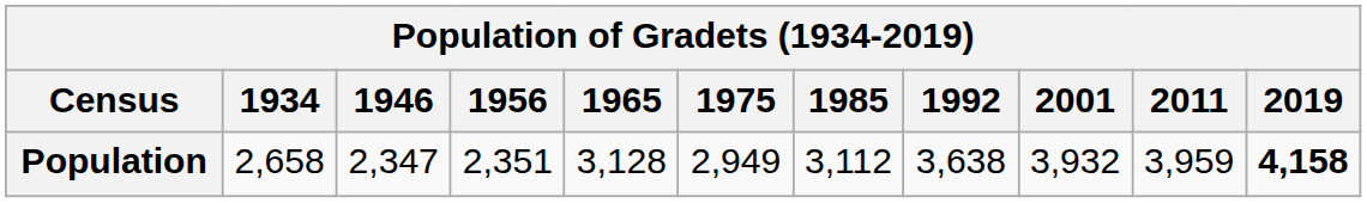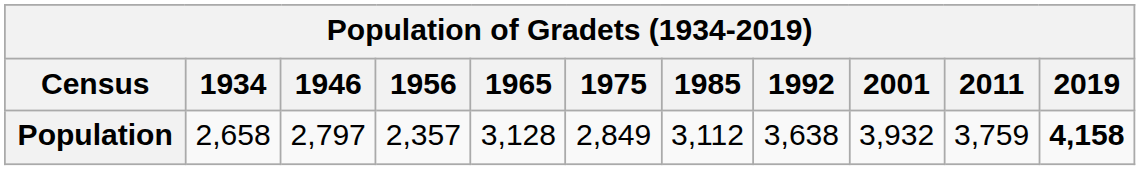 <table width="50%" class="wikitable" style="text-align:center;font-size:105%;line-height:130%">
 <tr>
 <th colspan=19><strong>Population of Gradets (1934-2019)</strong> </th>
 </tr>
 <tr>
 <th><strong>Census</strong></th>
 <th><strong>1934</strong></th>
 <th><strong>1946</strong></th>
 <th><strong>1956</strong></th>
 <th><strong>1965</strong></th>
 <th><strong>1975</strong></th>
 <th><strong>1985</strong></th>
 <th><strong>1992</strong></th>
 <th><strong>2001</strong></th>
 <th><strong>2011</strong></th>
 <th><strong>2019</strong></th>
 </tr>
 <tr>
 <th style="text-align:center"><strong>Population</strong></th>
 <td>2,658</td>
-<td>2,347</td>
-<td>2,351</td>
+<td>2,797</td>
+<td>2,357</td>
 <td>3,128</td>
-<td>2,949</td>
+<td>2,849</td>
 <td>3,112</td>
 <td>3,638</td>
 <td>3,932</td>
-<td>3,959</td>
+<td>3,759</td>
 <td><strong>4,158</strong></td>
 </tr>
 </table>
